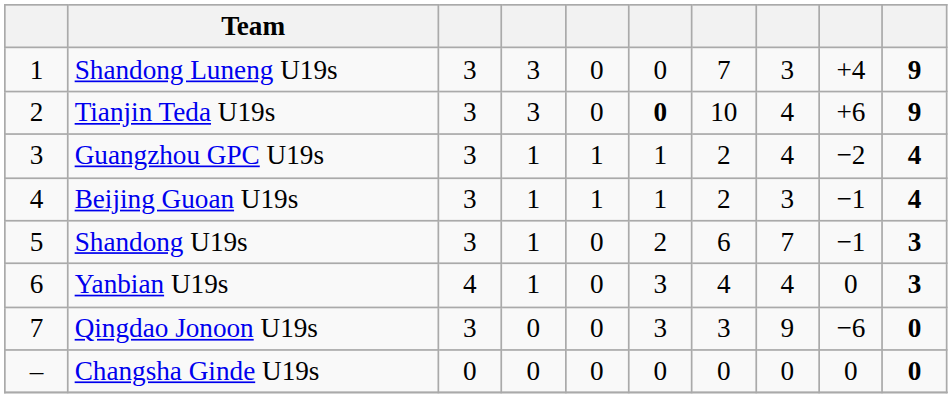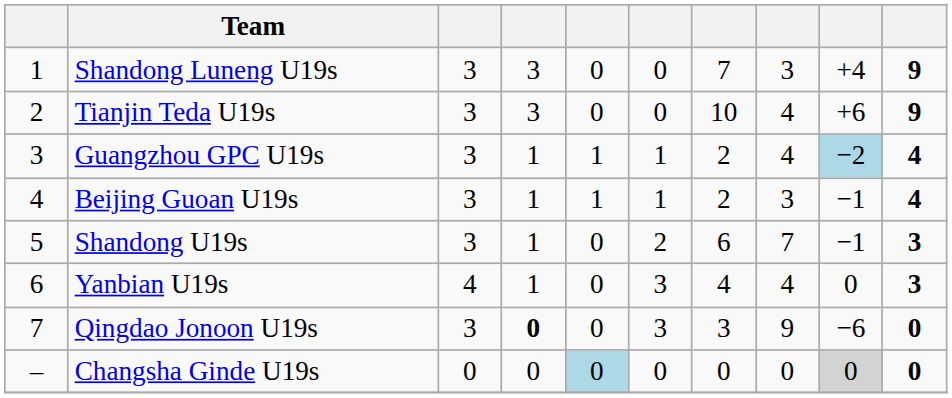 <table class="wikitable sortable" style="text-align:center;">
 <tr>
 <th width=30></th>
 <th width=210>Team</th>
 <th width=30></th>
 <th width=30></th>
 <th width=30></th>
 <th width=30></th>
 <th width=30></th>
 <th width=30></th>
 <th width=30></th>
 <th width=30></th>
 </tr>
 <tr>
 <td>1</td>
 <td align=left><a href='#'>Shandong Luneng</a> U19s</td>
 <td>3</td>
 <td>3</td>
 <td>0</td>
 <td>0</td>
 <td>7</td>
 <td>3</td>
 <td>+4</td>
 <td><strong>9</strong></td>
 </tr>
 <tr>
 <td>2</td>
 <td align=left><a href='#'>Tianjin Teda</a> U19s</td>
 <td>3</td>
 <td>3</td>
 <td>0</td>
-<td><strong>0</strong></td>
+<td>0</td>
 <td>10</td>
 <td>4</td>
 <td>+6</td>
 <td><strong>9</strong></td>
 </tr>
 <tr>
 <td>3</td>
 <td align=left><a href='#'>Guangzhou GPC</a> U19s</td>
 <td>3</td>
 <td>1</td>
 <td>1</td>
 <td>1</td>
 <td>2</td>
 <td>4</td>
-<td>−2</td>
+<td style="background: lightblue;">−2</td>
 <td><strong>4</strong></td>
 </tr>
 <tr>
 <td>4</td>
 <td align=left><a href='#'>Beijing Guoan</a> U19s</td>
 <td>3</td>
 <td>1</td>
 <td>1</td>
 <td>1</td>
 <td>2</td>
 <td>3</td>
 <td>−1</td>
 <td><strong>4</strong></td>
 </tr>
 <tr>
 <td>5</td>
 <td align=left><a href='#'>Shandong</a> U19s</td>
 <td>3</td>
 <td>1</td>
 <td>0</td>
 <td>2</td>
 <td>6</td>
 <td>7</td>
 <td>−1</td>
 <td><strong>3</strong></td>
 </tr>
 <tr>
 <td>6</td>
 <td align=left><a href='#'>Yanbian</a> U19s</td>
 <td>4</td>
 <td>1</td>
 <td>0</td>
 <td>3</td>
 <td>4</td>
 <td>4</td>
 <td>0</td>
 <td><strong>3</strong></td>
 </tr>
 <tr>
 <td>7</td>
 <td align=left><a href='#'>Qingdao Jonoon</a> U19s</td>
 <td>3</td>
-<td>0</td>
+<td><strong>0</strong></td>
 <td>0</td>
 <td>3</td>
 <td>3</td>
 <td>9</td>
 <td>−6</td>
 <td><strong>0</strong></td>
 </tr>
 <tr>
 <td>–</td>
 <td align=left><a href='#'>Changsha Ginde</a> U19s</td>
 <td>0</td>
 <td>0</td>
+<td style="background: lightblue;">0</td>
 <td>0</td>
 <td>0</td>
 <td>0</td>
-<td>0</td>
-<td>0</td>
+<td style="background: lightgrey;">0</td>
 <td><strong>0</strong></td>
 </tr>
 <tr>
 </tr>
 </table>
